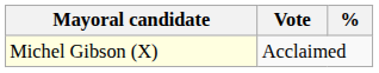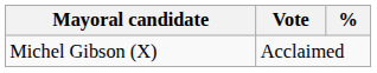 <table class="wikitable">
 <tr>
 <th bgcolor="#DDDDFF" width="200px">Mayoral candidate</th>
 <th bgcolor="#DDDDFF" width="50px">Vote</th>
 <th bgcolor="#DDDDFF"  width="30px">%</th>
 </tr>
 <tr>
-<td style="background: lightyellow;">Michel Gibson (X)</td>
+<td>Michel Gibson (X)</td>
 <td colspan="2">Acclaimed</td>
 </tr>
 </table>
